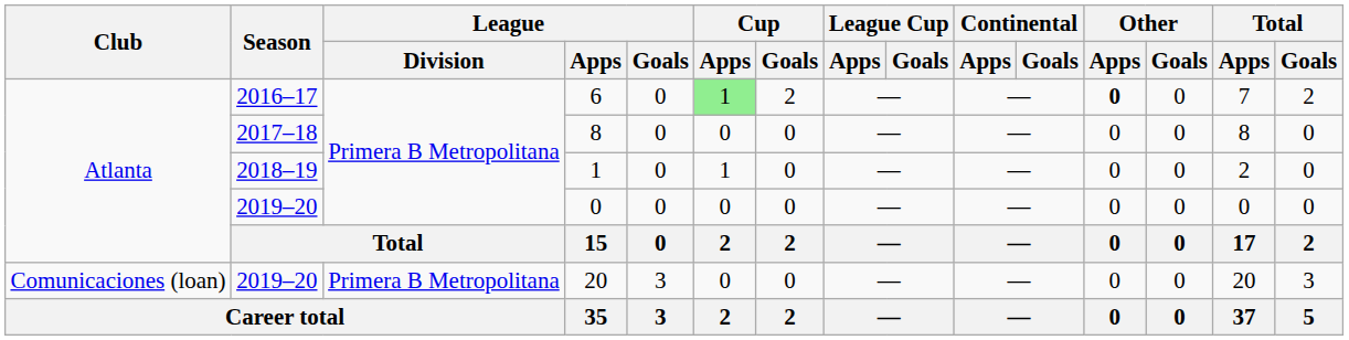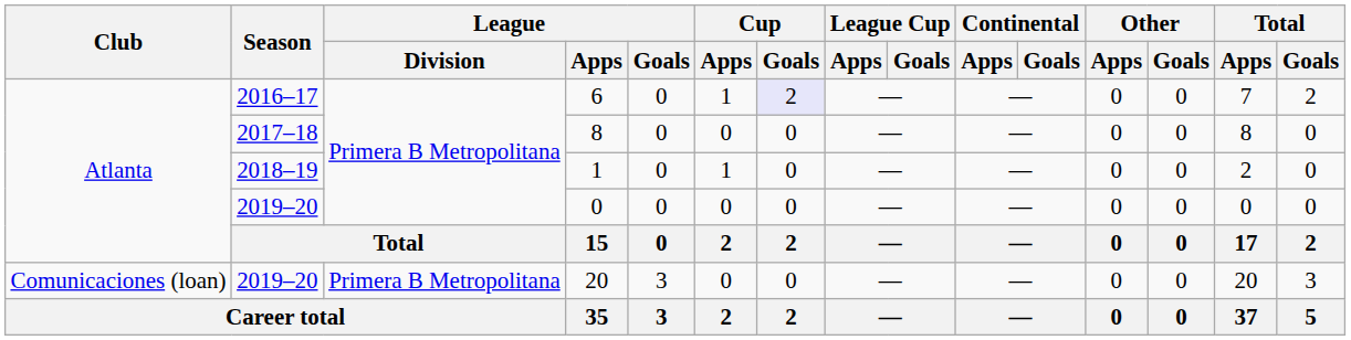 <table class="wikitable" style="text-align:center">
 <tr>
 <th rowspan="2">Club</th>
 <th rowspan="2">Season</th>
 <th colspan="3">League</th>
 <th colspan="2">Cup</th>
 <th colspan="2">League Cup</th>
 <th colspan="2">Continental</th>
 <th colspan="2">Other</th>
 <th colspan="2">Total</th>
 </tr>
 <tr>
 <th>Division</th>
 <th>Apps</th>
 <th>Goals</th>
 <th>Apps</th>
 <th>Goals</th>
 <th>Apps</th>
 <th>Goals</th>
 <th>Apps</th>
 <th>Goals</th>
 <th>Apps</th>
 <th>Goals</th>
 <th>Apps</th>
 <th>Goals</th>
 </tr>
 <tr>
 <td rowspan="5"><a href='#'>Atlanta</a></td>
 <td><a href='#'>2016–17</a></td>
 <td rowspan="4"><a href='#'>Primera B Metropolitana</a></td>
 <td>6</td>
 <td>0</td>
-<td style="background: lightgreen;">1</td>
-<td>2</td>
+<td>1</td>
+<td style="background: lavender;">2</td>
 <td colspan="2">—</td>
 <td colspan="2">—</td>
-<td><strong>0</strong></td>
+<td>0</td>
 <td>0</td>
 <td>7</td>
 <td>2</td>
 </tr>
 <tr>
 <td><a href='#'>2017–18</a></td>
 <td>8</td>
 <td>0</td>
 <td>0</td>
 <td>0</td>
 <td colspan="2">—</td>
 <td colspan="2">—</td>
 <td>0</td>
 <td>0</td>
 <td>8</td>
 <td>0</td>
 </tr>
 <tr>
 <td><a href='#'>2018–19</a></td>
 <td>1</td>
 <td>0</td>
 <td>1</td>
 <td>0</td>
 <td colspan="2">—</td>
 <td colspan="2">—</td>
 <td>0</td>
 <td>0</td>
 <td>2</td>
 <td>0</td>
 </tr>
 <tr>
 <td><a href='#'>2019–20</a></td>
 <td>0</td>
 <td>0</td>
 <td>0</td>
 <td>0</td>
 <td colspan="2">—</td>
 <td colspan="2">—</td>
 <td>0</td>
 <td>0</td>
 <td>0</td>
 <td>0</td>
 </tr>
 <tr>
 <th colspan="2">Total</th>
 <th>15</th>
 <th>0</th>
 <th>2</th>
 <th>2</th>
 <th colspan="2">—</th>
 <th colspan="2">—</th>
 <th>0</th>
 <th>0</th>
 <th>17</th>
 <th>2</th>
 </tr>
 <tr>
 <td rowspan="1"><a href='#'>Comunicaciones</a> (loan)</td>
 <td><a href='#'>2019–20</a></td>
 <td rowspan="1"><a href='#'>Primera B Metropolitana</a></td>
 <td>20</td>
 <td>3</td>
 <td>0</td>
 <td>0</td>
 <td colspan="2">—</td>
 <td colspan="2">—</td>
 <td>0</td>
 <td>0</td>
 <td>20</td>
 <td>3</td>
 </tr>
 <tr>
 <th colspan="3">Career total</th>
 <th>35</th>
 <th>3</th>
 <th>2</th>
 <th>2</th>
 <th colspan="2">—</th>
 <th colspan="2">—</th>
 <th>0</th>
 <th>0</th>
 <th>37</th>
 <th>5</th>
 </tr>
 </table>
